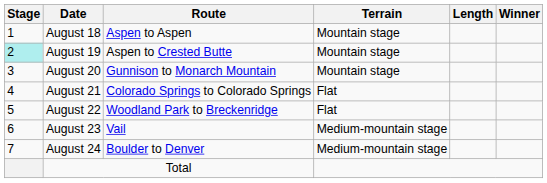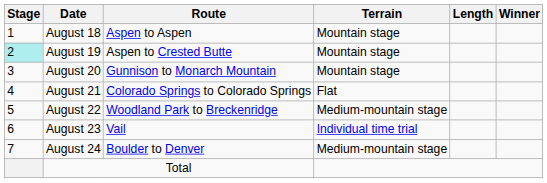 <table class="wikitable">
 <tr>
 <th>Stage</th>
 <th>Date</th>
 <th>Route</th>
 <th>Terrain</th>
 <th>Length</th>
 <th>Winner</th>
 </tr>
 <tr>
 <td style="align:center;">1</td>
 <td>August 18</td>
 <td><a href='#'>Aspen</a> to Aspen</td>
 <td> Mountain stage</td>
 <td></td>
 <td></td>
 </tr>
 <tr>
 <td style="background: paleturquoise; align:center;">2</td>
 <td>August 19</td>
 <td>Aspen to <a href='#'>Crested Butte</a></td>
 <td> Mountain stage</td>
 <td></td>
 <td></td>
 </tr>
 <tr>
 <td style="align:center;">3</td>
 <td>August 20</td>
 <td><a href='#'>Gunnison</a> to <a href='#'>Monarch Mountain</a></td>
 <td> Mountain stage</td>
 <td></td>
 <td></td>
 </tr>
 <tr>
 <td style="align:center;">4</td>
 <td>August 21</td>
 <td><a href='#'>Colorado Springs</a> to Colorado Springs</td>
 <td> Flat</td>
 <td></td>
 <td></td>
 </tr>
 <tr>
 <td style="align:center;">5</td>
 <td>August 22</td>
 <td><a href='#'>Woodland Park</a> to <a href='#'>Breckenridge</a></td>
-<td> Flat</td>
+<td> Medium-mountain stage</td>
 <td></td>
 <td></td>
 </tr>
 <tr>
 <td style="align:center;">6</td>
 <td>August 23</td>
 <td><a href='#'>Vail</a></td>
-<td> Medium-mountain stage</td>
+<td> <a href='#'>Individual time trial</a></td>
 <td></td>
 <td></td>
 </tr>
 <tr>
 <td style="align:center;">7</td>
 <td>August 24</td>
 <td><a href='#'>Boulder</a> to <a href='#'>Denver</a></td>
 <td> Medium-mountain stage</td>
 <td></td>
 <td></td>
 </tr>
 <tr>
 <th></th>
 <td colspan="2" style="text-align:center;">Total</td>
 <td colspan="5" style="text-align:center;"></td>
 </tr>
 </table>
